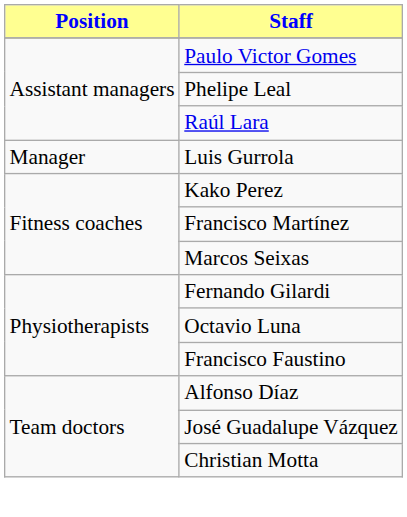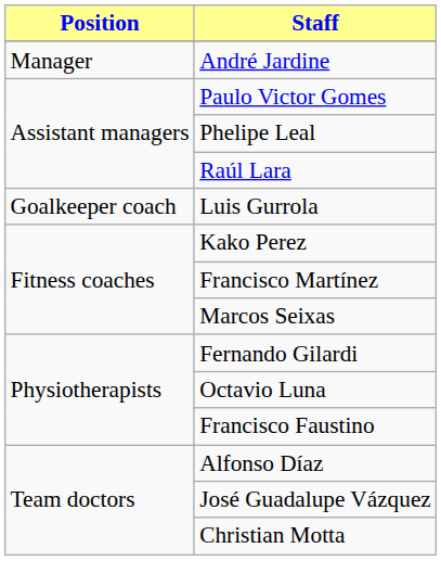 <table class="wikitable">
 <tr>
 <th style=background-color:#FFFF91;color:Blue>Position</th>
 <th style=background-color:#FFFF91;color:Blue>Staff</th>
 </tr>
 <tr>
+</tr>
+<tr>
+<td>Manager</td>
+<td> <a href='#'>André Jardine</a></td>
 </tr>
 <tr>
 <td rowspan="3">Assistant managers</td>
 <td> <a href='#'>Paulo Victor Gomes</a></td>
 </tr>
 <tr>
 <td> Phelipe Leal</td>
 </tr>
 <tr>
 <td> <a href='#'>Raúl Lara</a></td>
 </tr>
 <tr>
-<td>Manager</td>
+<td>Goalkeeper coach</td>
 <td> Luis Gurrola</td>
 </tr>
 <tr>
 <td rowspan="3">Fitness coaches</td>
 <td> Kako Perez</td>
 </tr>
 <tr>
 <td> Francisco Martínez</td>
 </tr>
 <tr>
 <td> Marcos Seixas</td>
 </tr>
 <tr>
 <td rowspan="3">Physiotherapists</td>
 <td> Fernando Gilardi</td>
 </tr>
 <tr>
 <td> Octavio Luna</td>
 </tr>
 <tr>
 <td> Francisco Faustino</td>
 </tr>
 <tr>
 <td rowspan="3 ">Team doctors</td>
 <td> Alfonso Díaz</td>
 </tr>
 <tr>
 <td> José Guadalupe Vázquez</td>
 </tr>
 <tr>
 <td> Christian Motta</td>
 </tr>
 </table>
